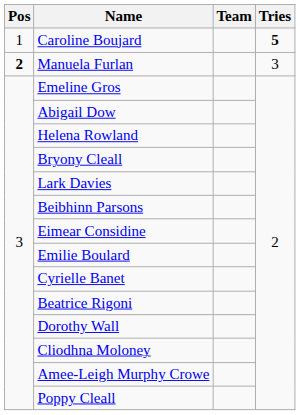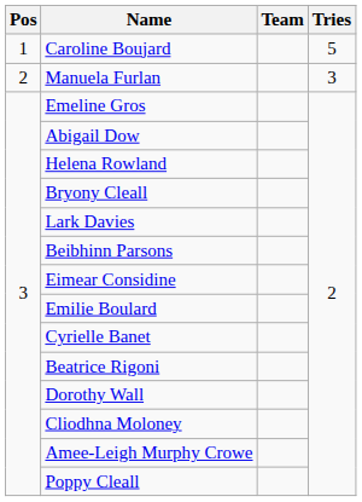 <table class="wikitable" style="text-align:center">
 <tr>
 <th>Pos</th>
 <th>Name</th>
 <th>Team</th>
 <th>Tries</th>
 </tr>
 <tr>
 <td>1</td>
 <td align="left"><a href='#'>Caroline Boujard</a></td>
 <td align="left"></td>
-<td><strong>5</strong></td>
+<td>5</td>
 </tr>
 <tr>
-<td><strong>2</strong></td>
+<td>2</td>
 <td align="left"><a href='#'>Manuela Furlan</a></td>
 <td align="left"></td>
 <td>3</td>
 </tr>
 <tr>
 <td rowspan=14>3</td>
 <td align="left"><a href='#'>Emeline Gros</a></td>
 <td align="left"></td>
 <td rowspan=14>2</td>
 </tr>
 <tr>
 <td align="left"><a href='#'>Abigail Dow</a></td>
 <td align="left"></td>
 </tr>
 <tr>
 <td align="left"><a href='#'>Helena Rowland</a></td>
 <td align="left"></td>
 </tr>
 <tr>
 <td align="left"><a href='#'>Bryony Cleall</a></td>
 <td align="left"></td>
 </tr>
 <tr>
 <td align="left"><a href='#'>Lark Davies</a></td>
 <td align="left"></td>
 </tr>
 <tr>
 <td align="left"><a href='#'>Beibhinn Parsons</a></td>
 <td align="left"></td>
 </tr>
 <tr>
 <td align="left"><a href='#'>Eimear Considine</a></td>
 <td align="left"></td>
 </tr>
 <tr>
 <td align="left"><a href='#'>Emilie Boulard</a></td>
 <td align="left"></td>
 </tr>
 <tr>
 <td align="left"><a href='#'>Cyrielle Banet</a></td>
 <td align="left"></td>
 </tr>
 <tr>
 <td align="left"><a href='#'>Beatrice Rigoni</a></td>
 <td align="left"></td>
 </tr>
 <tr>
 <td align="left"><a href='#'>Dorothy Wall</a></td>
 <td align="left"></td>
 </tr>
 <tr>
 <td align="left"><a href='#'>Cliodhna Moloney</a></td>
 <td align="left"></td>
 </tr>
 <tr>
 <td align="left"><a href='#'>Amee-Leigh Murphy Crowe</a></td>
 <td align="left"></td>
 </tr>
 <tr>
 <td align="left"><a href='#'>Poppy Cleall</a></td>
 <td align="left"><br></td>
 </tr>
 </table>
